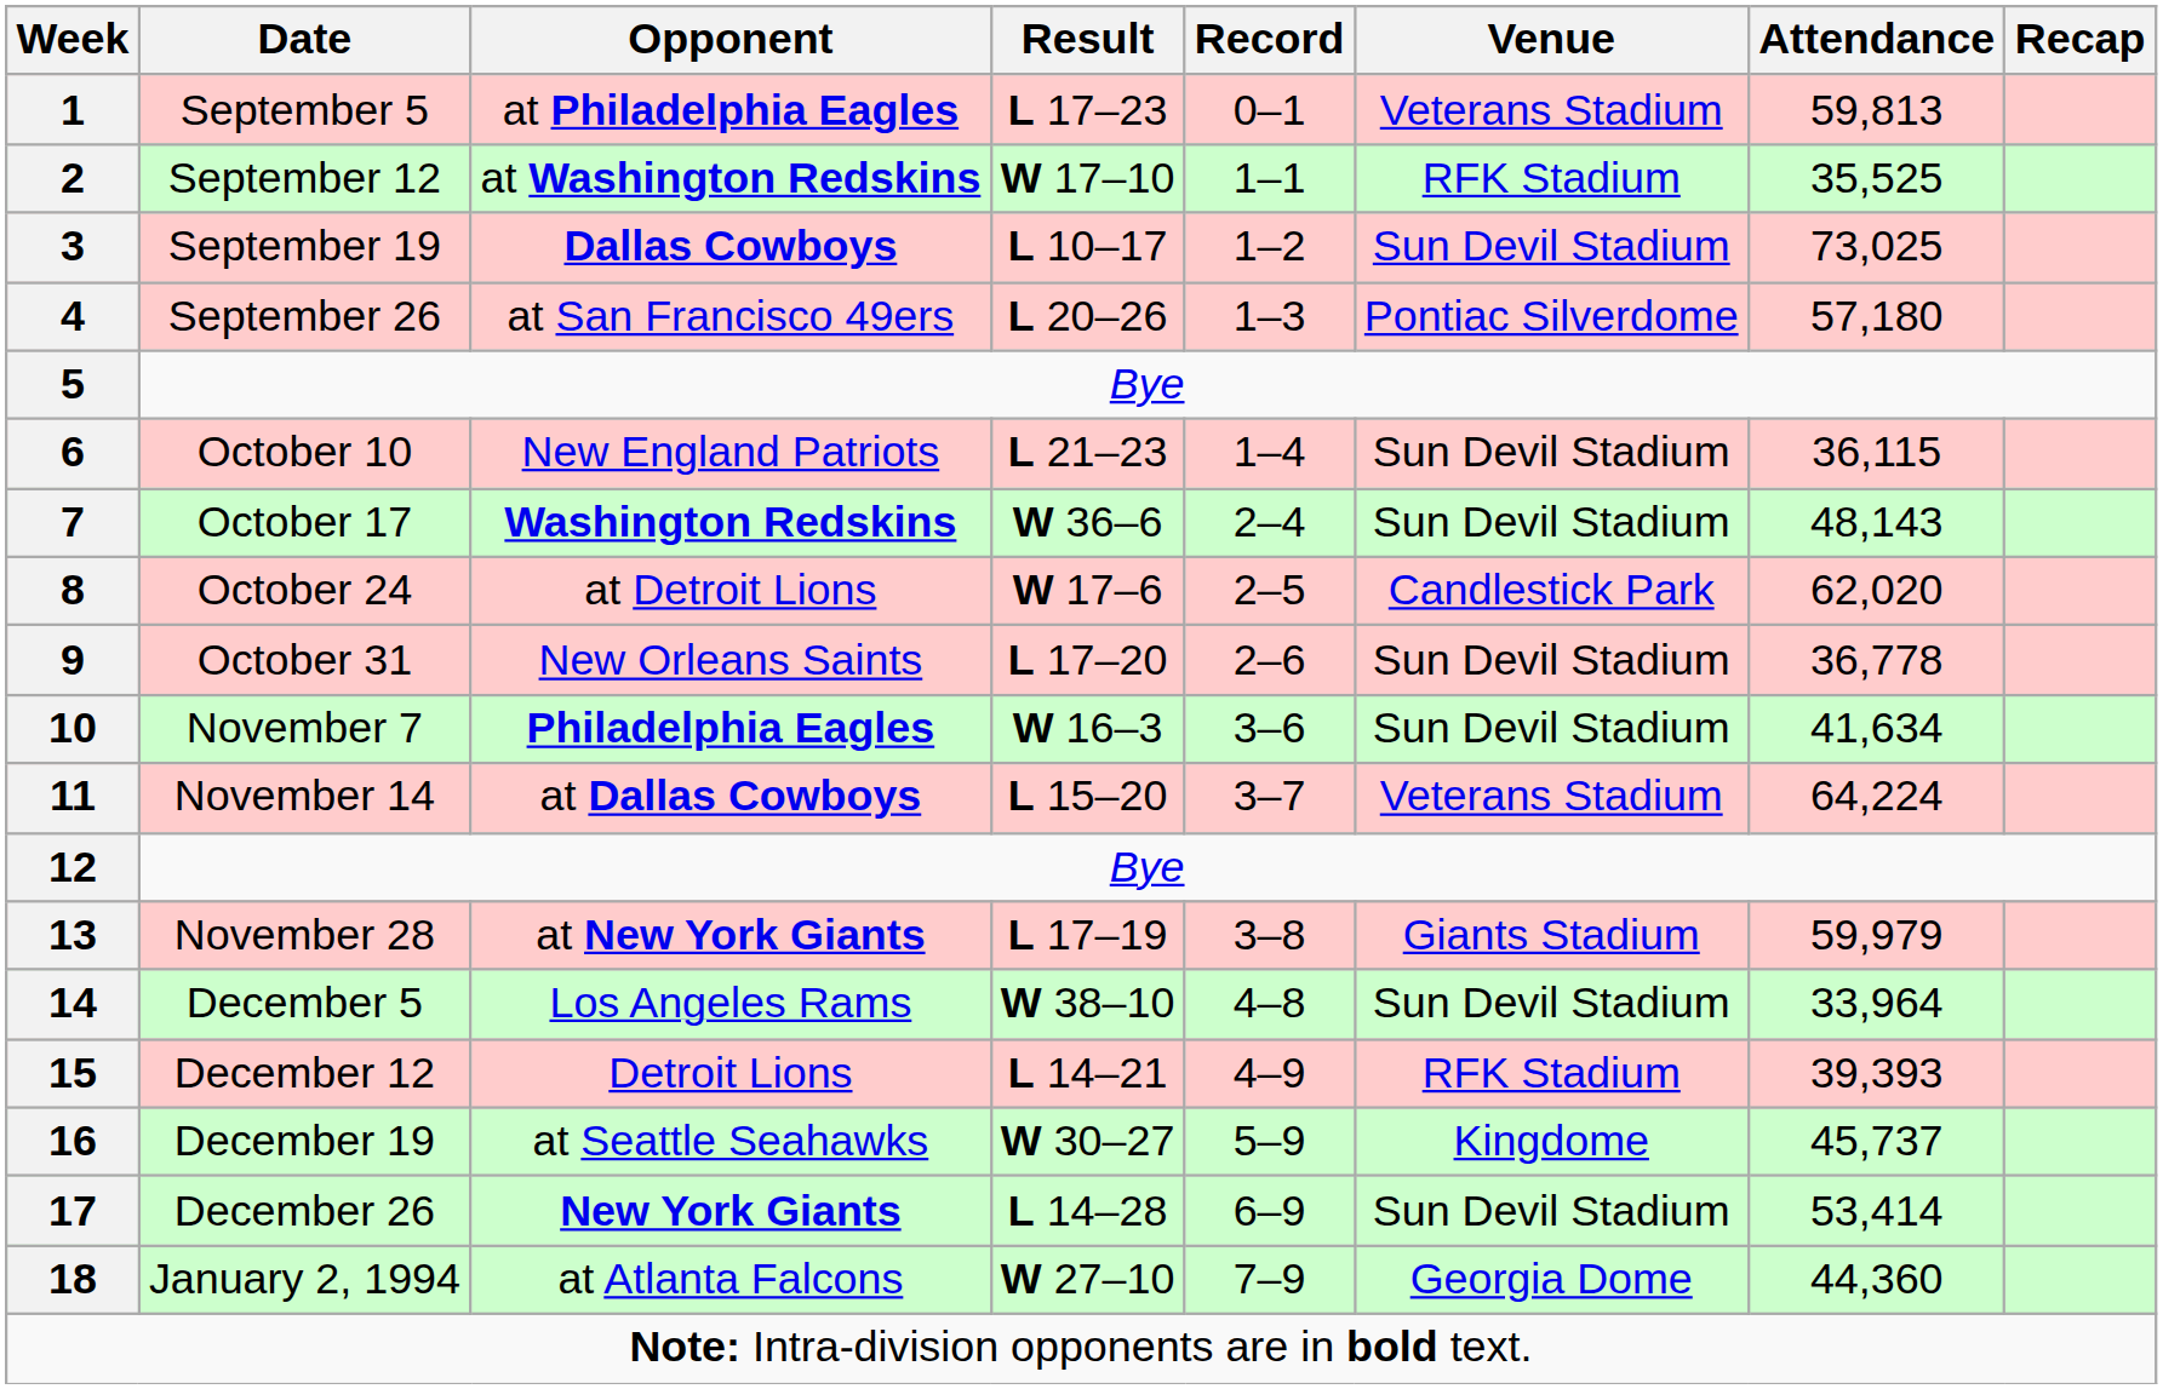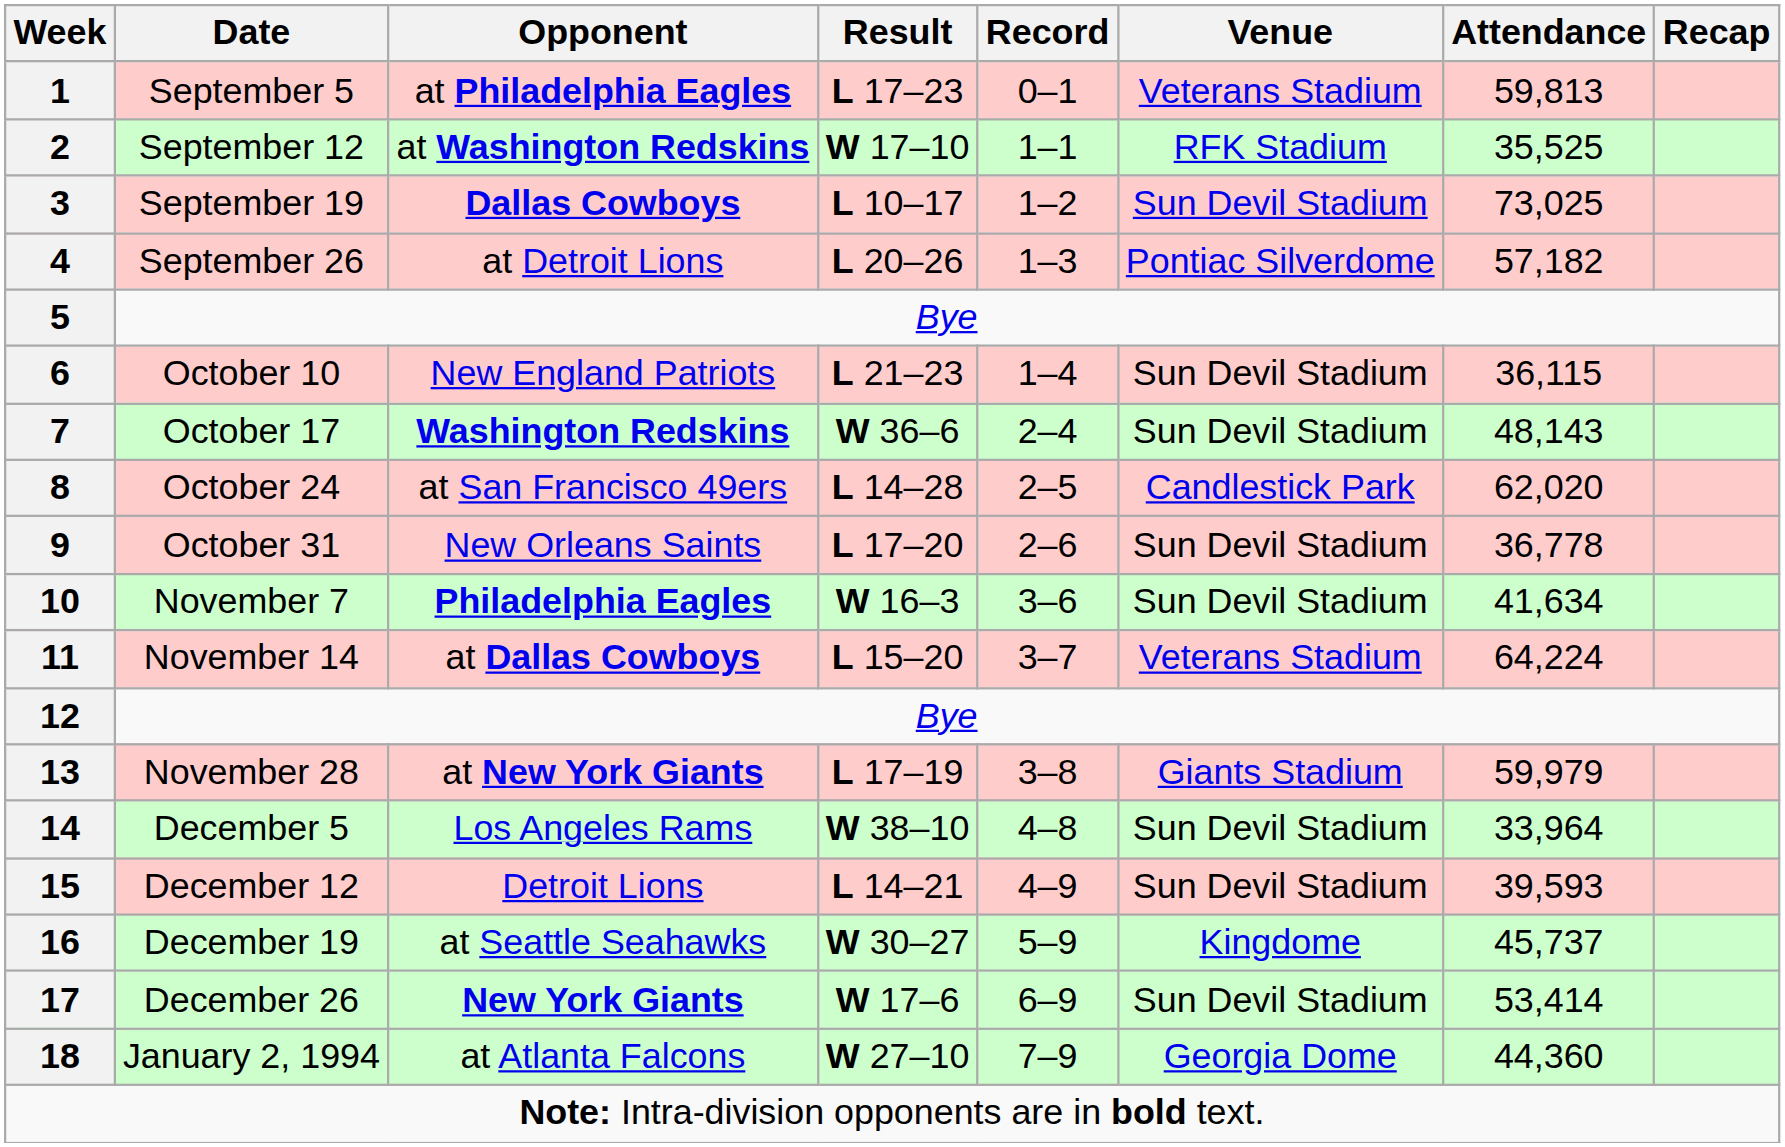 <table class="wikitable" style="text-align:center">
 <tr>
 <th>Week</th>
 <th>Date</th>
 <th>Opponent</th>
 <th>Result</th>
 <th>Record</th>
 <th>Venue</th>
 <th>Attendance</th>
 <th>Recap</th>
 </tr>
 <tr style="background:#fcc">
 <th>1</th>
 <td>September 5</td>
 <td>at <strong><a href='#'>Philadelphia Eagles</a></strong></td>
 <td><strong>L</strong> 17–23</td>
 <td>0–1</td>
 <td><a href='#'>Veterans Stadium</a></td>
 <td>59,813</td>
 <td></td>
 </tr>
 <tr style="background:#cfc">
 <th>2</th>
 <td>September 12</td>
 <td>at <strong><a href='#'>Washington Redskins</a></strong></td>
 <td><strong>W</strong> 17–10</td>
 <td>1–1</td>
 <td><a href='#'>RFK Stadium</a></td>
 <td>35,525</td>
 <td></td>
 </tr>
 <tr style="background:#fcc">
 <th>3</th>
 <td>September 19</td>
 <td><strong><a href='#'>Dallas Cowboys</a></strong></td>
 <td><strong>L</strong> 10–17</td>
 <td>1–2</td>
 <td><a href='#'>Sun Devil Stadium</a></td>
 <td>73,025</td>
 <td></td>
 </tr>
 <tr style="background:#fcc">
 <th>4</th>
 <td>September 26</td>
-<td>at <a href='#'>San Francisco 49ers</a></td>
+<td>at <a href='#'>Detroit Lions</a></td>
 <td><strong>L</strong> 20–26</td>
 <td>1–3</td>
 <td><a href='#'>Pontiac Silverdome</a></td>
-<td>57,180</td>
+<td>57,182</td>
 <td></td>
 </tr>
 <tr>
 <th>5</th>
 <td colspan="7"><em><a href='#'>Bye</a></em></td>
 </tr>
 <tr style="background:#fcc">
 <th>6</th>
 <td>October 10</td>
 <td><a href='#'>New England Patriots</a></td>
 <td><strong>L</strong> 21–23</td>
 <td>1–4</td>
 <td>Sun Devil Stadium</td>
 <td>36,115</td>
 <td></td>
 </tr>
 <tr style="background:#cfc">
 <th>7</th>
 <td>October 17</td>
 <td><strong><a href='#'>Washington Redskins</a></strong></td>
 <td><strong>W</strong> 36–6</td>
 <td>2–4</td>
 <td>Sun Devil Stadium</td>
 <td>48,143</td>
 <td></td>
 </tr>
 <tr style="background:#fcc">
 <th>8</th>
 <td>October 24</td>
-<td>at <a href='#'>Detroit Lions</a></td>
-<td><strong>W</strong> 17–6</td>
+<td>at <a href='#'>San Francisco 49ers</a></td>
+<td><strong>L</strong> 14–28</td>
 <td>2–5</td>
 <td><a href='#'>Candlestick Park</a></td>
 <td>62,020</td>
 <td></td>
 </tr>
 <tr style="background:#fcc">
 <th>9</th>
 <td>October 31</td>
 <td><a href='#'>New Orleans Saints</a></td>
 <td><strong>L</strong> 17–20</td>
 <td>2–6</td>
 <td>Sun Devil Stadium</td>
 <td>36,778</td>
 <td></td>
 </tr>
 <tr style="background:#cfc">
 <th>10</th>
 <td>November 7</td>
 <td><strong><a href='#'>Philadelphia Eagles</a></strong></td>
 <td><strong>W</strong> 16–3</td>
 <td>3–6</td>
 <td>Sun Devil Stadium</td>
 <td>41,634</td>
 <td></td>
 </tr>
 <tr style="background:#fcc">
 <th>11</th>
 <td>November 14</td>
 <td>at <strong><a href='#'>Dallas Cowboys</a></strong></td>
 <td><strong>L</strong> 15–20</td>
 <td>3–7</td>
 <td><a href='#'>Veterans Stadium</a></td>
 <td>64,224</td>
 <td></td>
 </tr>
 <tr>
 <th>12</th>
 <td colspan="7"><em><a href='#'>Bye</a></em></td>
 </tr>
 <tr style="background:#fcc">
 <th>13</th>
 <td>November 28</td>
 <td>at <strong><a href='#'>New York Giants</a></strong></td>
 <td><strong>L</strong> 17–19</td>
 <td>3–8</td>
 <td><a href='#'>Giants Stadium</a></td>
 <td>59,979</td>
 <td></td>
 </tr>
 <tr style="background:#cfc">
 <th>14</th>
 <td>December 5</td>
 <td><a href='#'>Los Angeles Rams</a></td>
 <td><strong>W</strong> 38–10</td>
 <td>4–8</td>
 <td>Sun Devil Stadium</td>
 <td>33,964</td>
 <td></td>
 </tr>
 <tr style="background:#fcc">
 <th>15</th>
 <td>December 12</td>
 <td><a href='#'>Detroit Lions</a></td>
 <td><strong>L</strong> 14–21</td>
 <td>4–9</td>
-<td><a href='#'>RFK Stadium</a></td>
-<td>39,393</td>
+<td>Sun Devil Stadium</td>
+<td>39,593</td>
 <td></td>
 </tr>
 <tr style="background:#cfc">
 <th>16</th>
 <td>December 19</td>
 <td>at <a href='#'>Seattle Seahawks</a></td>
 <td><strong>W</strong> 30–27 </td>
 <td>5–9</td>
 <td><a href='#'>Kingdome</a></td>
 <td>45,737</td>
 <td></td>
 </tr>
 <tr style="background:#cfc">
 <th>17</th>
 <td>December 26</td>
 <td><strong><a href='#'>New York Giants</a></strong></td>
-<td><strong>L</strong> 14–28</td>
+<td><strong>W</strong> 17–6</td>
 <td>6–9</td>
 <td>Sun Devil Stadium</td>
 <td>53,414</td>
 <td></td>
 </tr>
 <tr style="background:#cfc">
 <th>18</th>
 <td>January 2, 1994</td>
 <td>at <a href='#'>Atlanta Falcons</a></td>
 <td><strong>W</strong> 27–10</td>
 <td>7–9</td>
 <td><a href='#'>Georgia Dome</a></td>
 <td>44,360</td>
 <td></td>
 </tr>
 <tr>
 <td colspan="8"><strong>Note:</strong> Intra-division opponents are in <strong>bold</strong> text.</td>
 </tr>
 </table>
